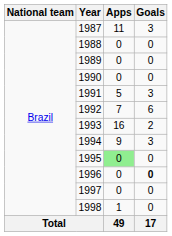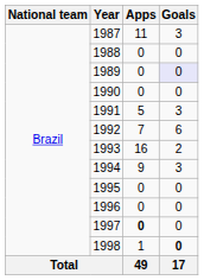 <table class="wikitable" style="text-align:center">
 <tr>
 <th>National team</th>
 <th>Year</th>
 <th>Apps</th>
 <th>Goals</th>
 </tr>
 <tr>
 <td rowspan="12"><a href='#'>Brazil</a></td>
 <td>1987</td>
 <td>11</td>
 <td>3</td>
 </tr>
 <tr>
 <td>1988</td>
 <td>0</td>
 <td>0</td>
 </tr>
 <tr>
 <td>1989</td>
 <td>0</td>
-<td>0</td>
+<td style="background: lavender;">0</td>
 </tr>
 <tr>
 <td>1990</td>
 <td>0</td>
 <td>0</td>
 </tr>
 <tr>
 <td>1991</td>
 <td>5</td>
 <td>3</td>
 </tr>
 <tr>
 <td>1992</td>
 <td>7</td>
 <td>6</td>
 </tr>
 <tr>
 <td>1993</td>
 <td>16</td>
 <td>2</td>
 </tr>
 <tr>
 <td>1994</td>
 <td>9</td>
 <td>3</td>
 </tr>
 <tr>
 <td>1995</td>
-<td style="background: lightgreen;">0</td>
+<td>0</td>
 <td>0</td>
 </tr>
 <tr>
 <td>1996</td>
 <td>0</td>
-<td><strong>0</strong></td>
+<td>0</td>
 </tr>
 <tr>
 <td>1997</td>
-<td>0</td>
+<td><strong>0</strong></td>
 <td>0</td>
 </tr>
 <tr>
 <td>1998</td>
 <td>1</td>
-<td>0</td>
+<td><strong>0</strong></td>
 </tr>
 <tr>
 <th colspan="2">Total</th>
 <th>49</th>
 <th>17</th>
 </tr>
 </table>
